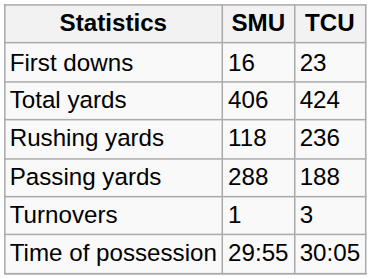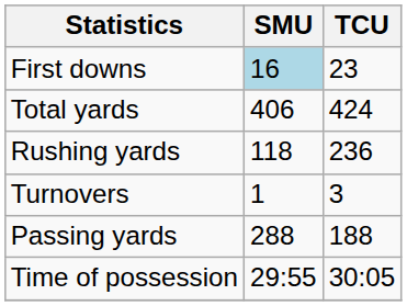 <table class="wikitable" style="float: right;">
 <tr>
 <th>Statistics</th>
 <th>SMU</th>
 <th>TCU</th>
 </tr>
 <tr>
 <td>First downs</td>
-<td>16</td>
+<td style="background: lightblue;">16</td>
 <td>23</td>
 </tr>
 <tr>
 <td>Total yards</td>
 <td>406</td>
 <td>424</td>
 </tr>
 <tr>
 <td>Rushing yards</td>
 <td>118</td>
 <td>236</td>
 </tr>
 <tr>
+<td>Turnovers</td>
+<td>1</td>
+<td>3</td>
+</tr>
+<tr>
 <td>Passing yards</td>
 <td>288</td>
 <td>188</td>
-</tr>
-<tr>
-<td>Turnovers</td>
-<td>1</td>
-<td>3</td>
 </tr>
 <tr>
 <td>Time of possession</td>
 <td>29:55</td>
 <td>30:05</td>
 </tr>
 <tr>
 </tr>
 </table>
